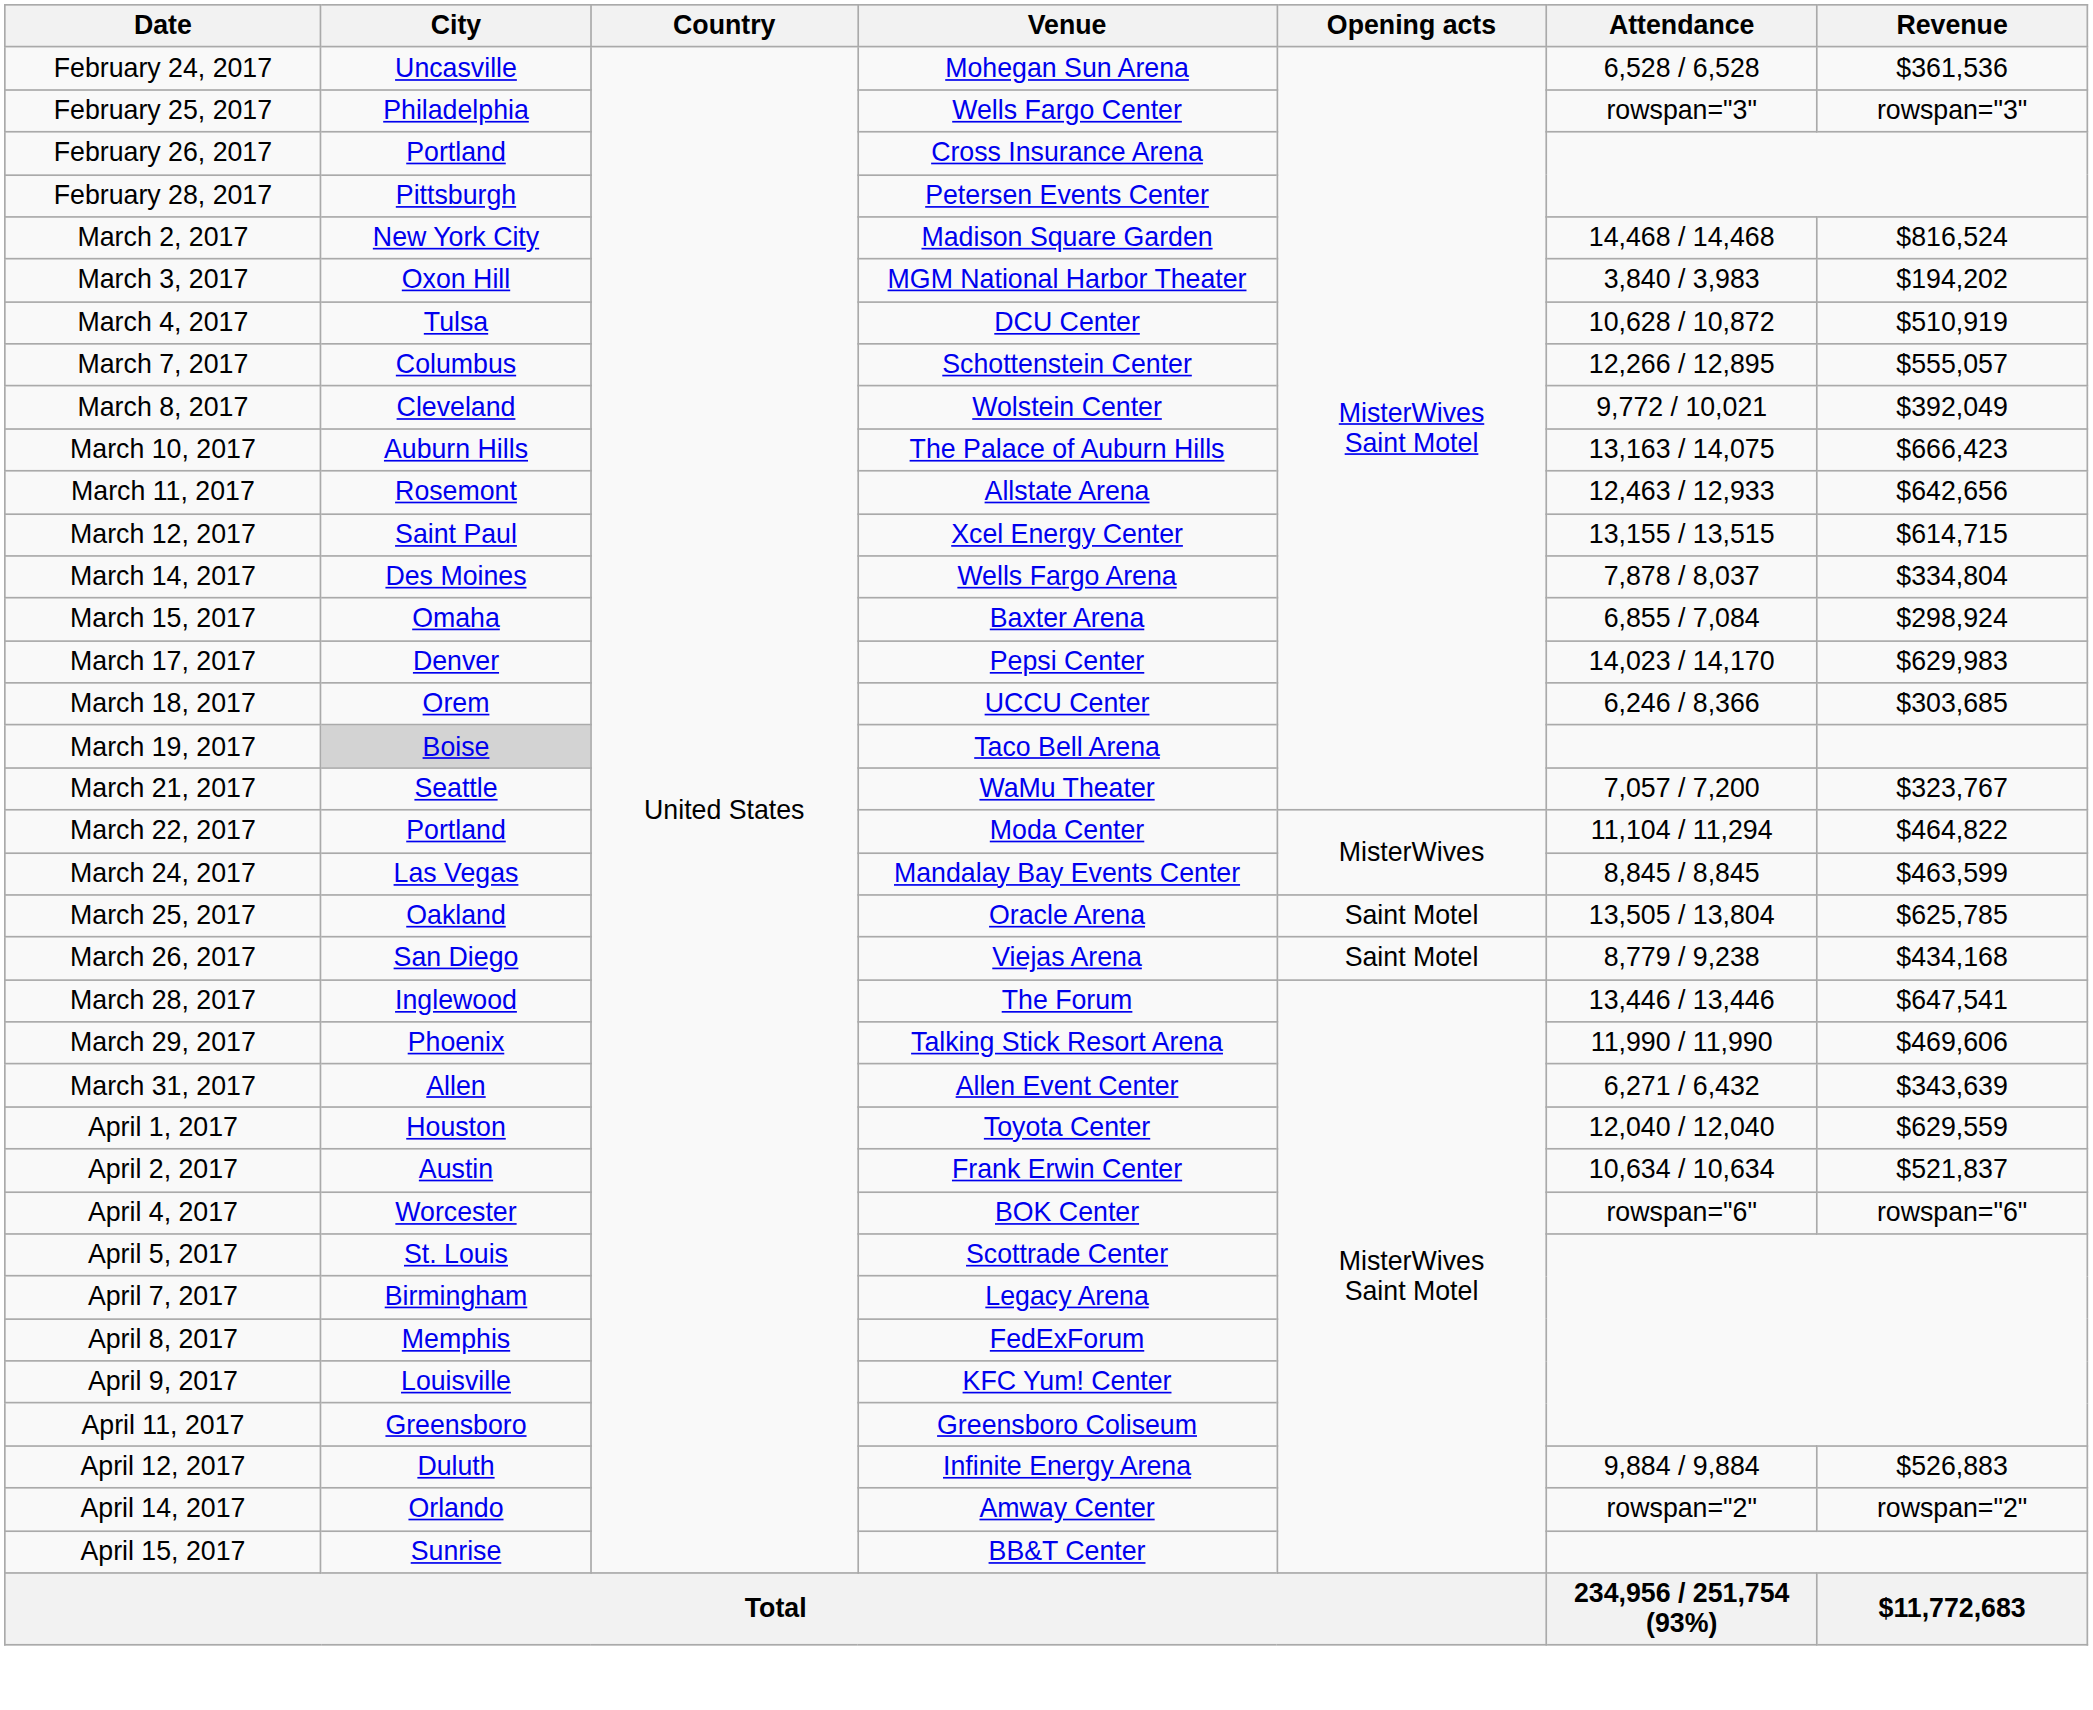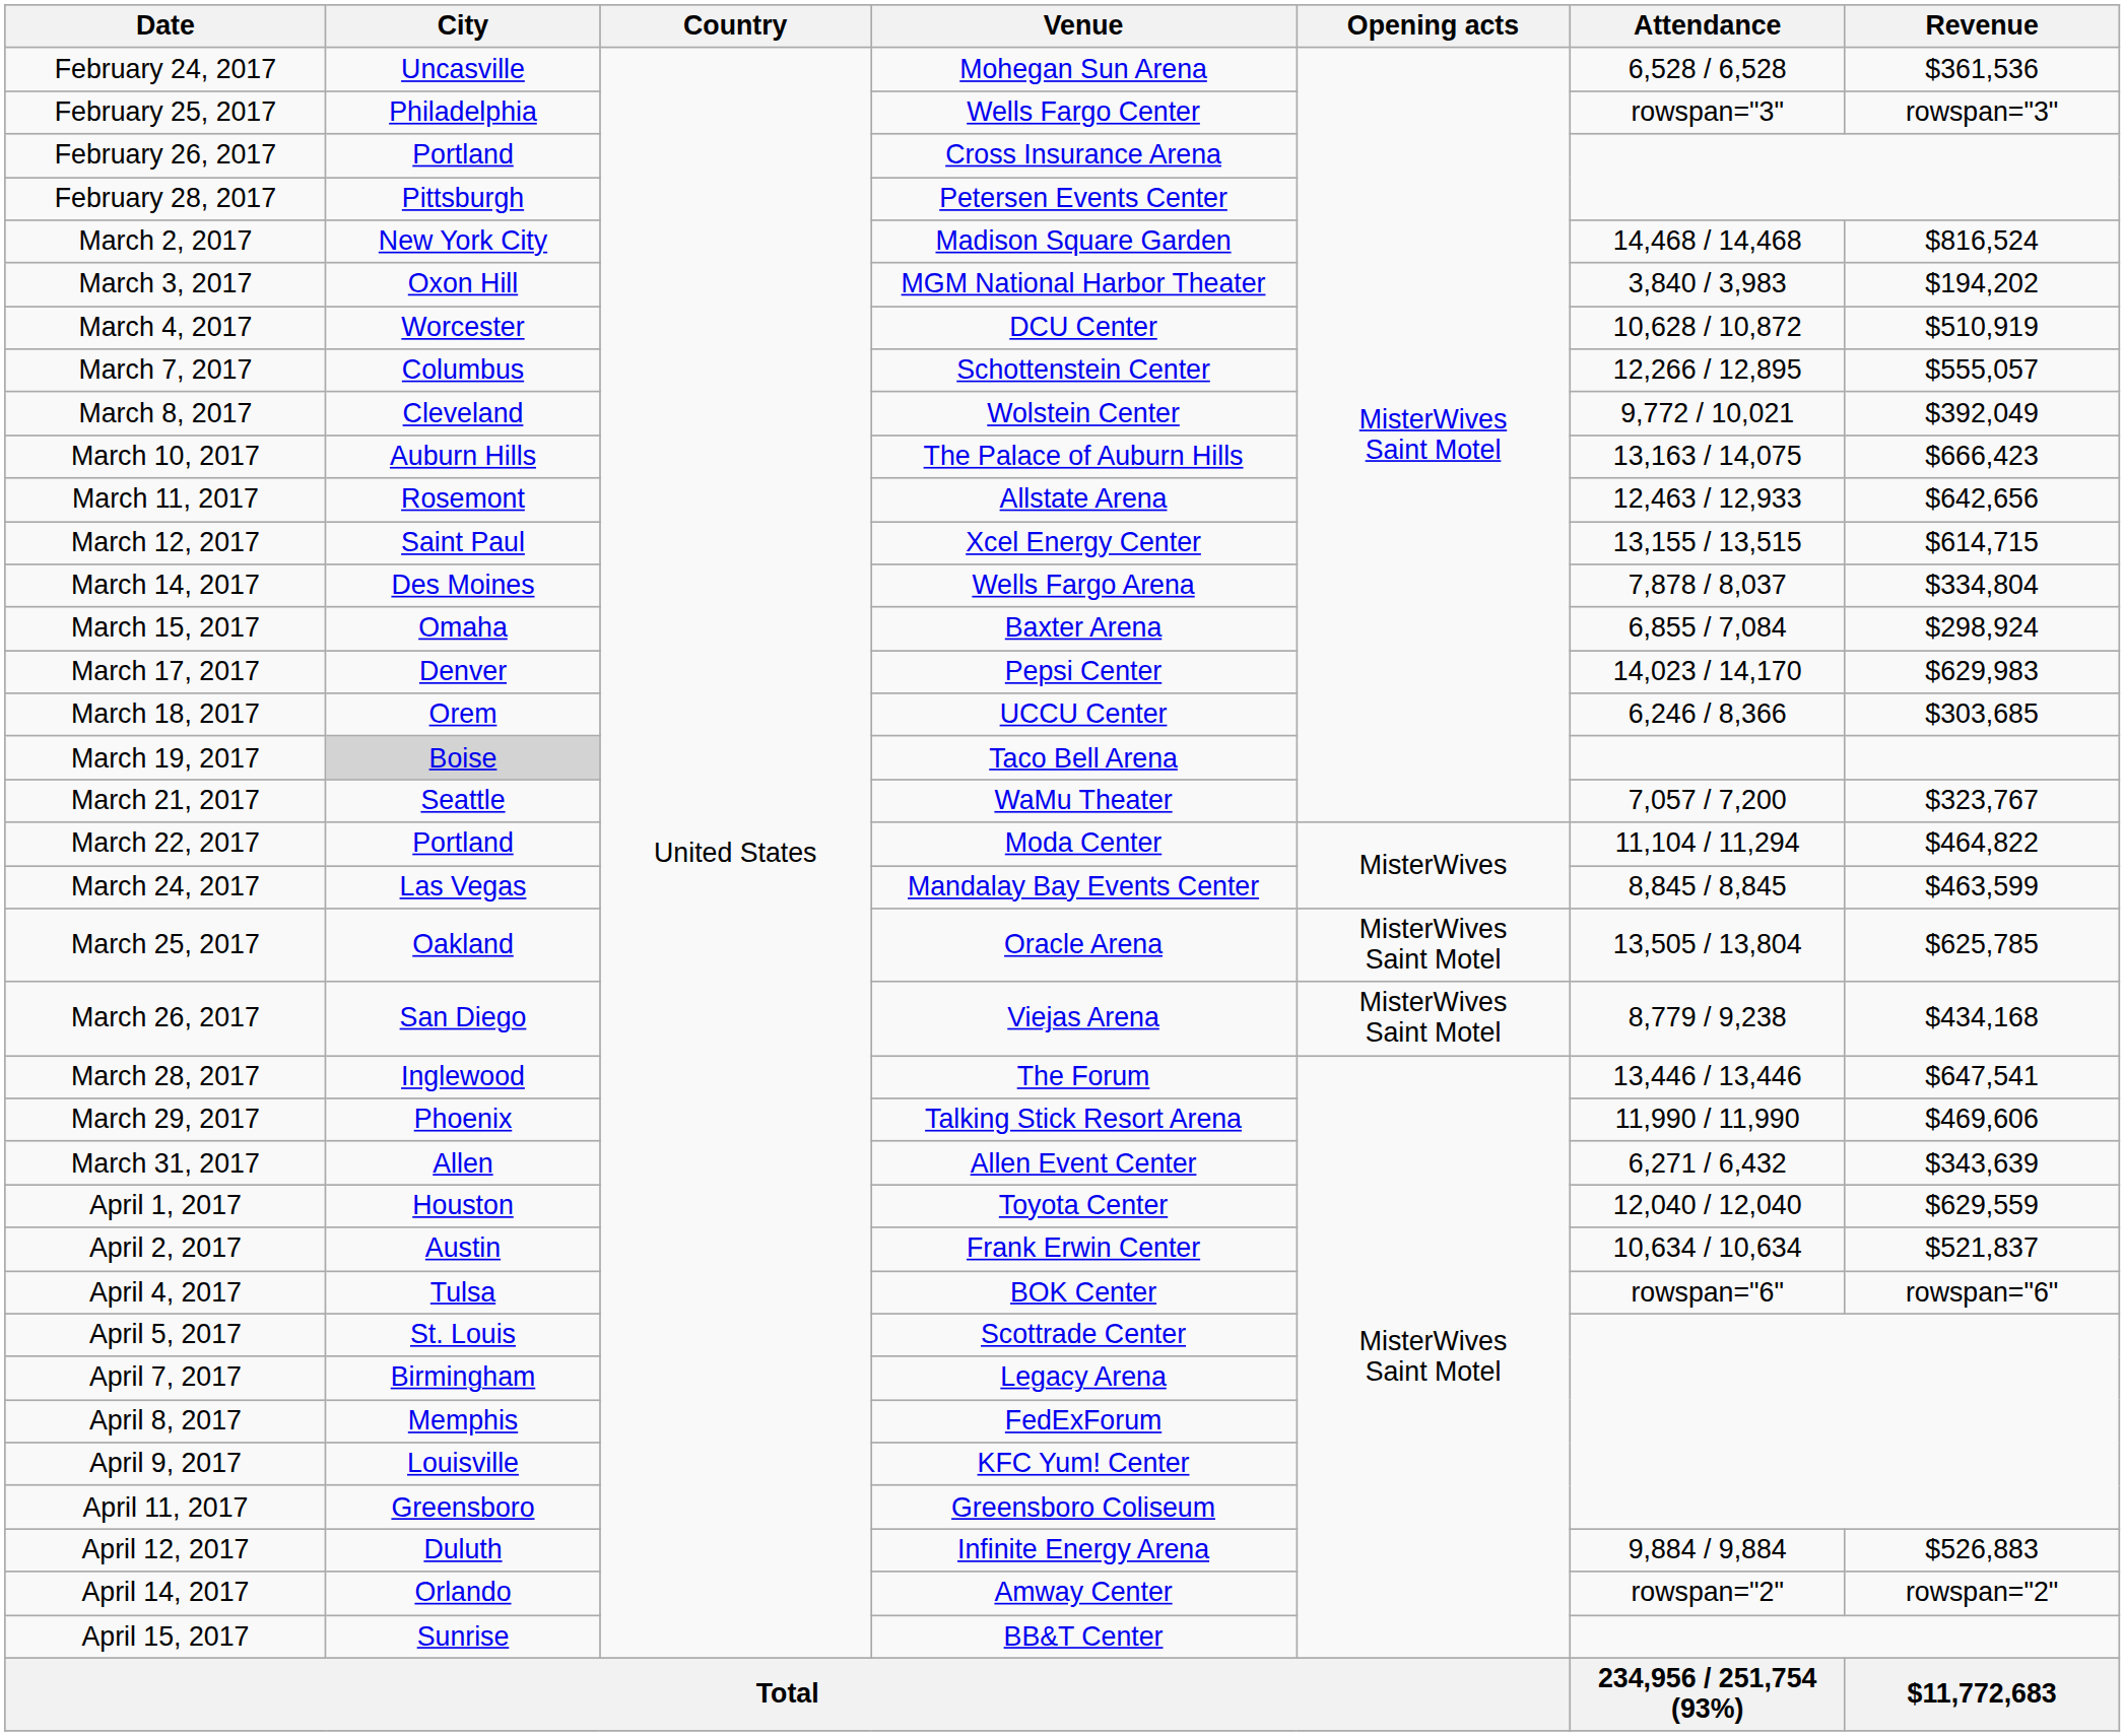 <table class="wikitable" style="text-align:center;">
 <tr>
 <th scope="col" style="width:12em;">Date</th>
 <th scope="col" style="width:10em;">City</th>
 <th scope="col" style="width:10em;">Country</th>
 <th scope="col" style="width:16em;">Venue</th>
 <th scope="col" style="width:10em;">Opening acts</th>
 <th scope="col" style="width:10em;">Attendance</th>
 <th scope="col" style="width:10em;">Revenue</th>
 </tr>
 <tr>
 <td>February 24, 2017</td>
 <td><a href='#'>Uncasville</a></td>
 <td rowspan="36">United States</td>
 <td><a href='#'>Mohegan Sun Arena</a></td>
 <td rowspan="18"><a href='#'>MisterWives</a><br><a href='#'>Saint Motel</a></td>
 <td>6,528 / 6,528</td>
 <td>$361,536</td>
 </tr>
 <tr>
 <td>February 25, 2017</td>
 <td><a href='#'>Philadelphia</a></td>
 <td><a href='#'>Wells Fargo Center</a></td>
 <td>rowspan="3" </td>
 <td>rowspan="3" </td>
 </tr>
 <tr>
 <td>February 26, 2017</td>
 <td><a href='#'>Portland</a></td>
 <td><a href='#'>Cross Insurance Arena</a></td>
 </tr>
 <tr>
 <td>February 28, 2017</td>
 <td><a href='#'>Pittsburgh</a></td>
 <td><a href='#'>Petersen Events Center</a></td>
 </tr>
 <tr>
 <td>March 2, 2017</td>
 <td><a href='#'>New York City</a></td>
 <td><a href='#'>Madison Square Garden</a></td>
 <td>14,468 / 14,468</td>
 <td>$816,524</td>
 </tr>
 <tr>
 <td>March 3, 2017</td>
 <td><a href='#'>Oxon Hill</a></td>
 <td><a href='#'>MGM National Harbor Theater</a></td>
 <td>3,840 / 3,983</td>
 <td>$194,202</td>
 </tr>
 <tr>
 <td>March 4, 2017</td>
-<td><a href='#'>Tulsa</a></td>
+<td><a href='#'>Worcester</a></td>
 <td><a href='#'>DCU Center</a></td>
 <td>10,628 / 10,872</td>
 <td>$510,919</td>
 </tr>
 <tr>
 <td>March 7, 2017</td>
 <td><a href='#'>Columbus</a></td>
 <td><a href='#'>Schottenstein Center</a></td>
 <td>12,266 / 12,895</td>
 <td>$555,057</td>
 </tr>
 <tr>
 <td>March 8, 2017</td>
 <td><a href='#'>Cleveland</a></td>
 <td><a href='#'>Wolstein Center</a></td>
 <td>9,772 / 10,021</td>
 <td>$392,049</td>
 </tr>
 <tr>
 <td>March 10, 2017</td>
 <td><a href='#'>Auburn Hills</a></td>
 <td><a href='#'>The Palace of Auburn Hills</a></td>
 <td>13,163 / 14,075</td>
 <td>$666,423</td>
 </tr>
 <tr>
 <td>March 11, 2017</td>
 <td><a href='#'>Rosemont</a></td>
 <td><a href='#'>Allstate Arena</a></td>
 <td>12,463 / 12,933</td>
 <td>$642,656</td>
 </tr>
 <tr>
 <td>March 12, 2017</td>
 <td><a href='#'>Saint Paul</a></td>
 <td><a href='#'>Xcel Energy Center</a></td>
 <td>13,155 / 13,515</td>
 <td>$614,715</td>
 </tr>
 <tr>
 <td>March 14, 2017</td>
 <td><a href='#'>Des Moines</a></td>
 <td><a href='#'>Wells Fargo Arena</a></td>
 <td>7,878 / 8,037</td>
 <td>$334,804</td>
 </tr>
 <tr>
 <td>March 15, 2017</td>
 <td><a href='#'>Omaha</a></td>
 <td><a href='#'>Baxter Arena</a></td>
 <td>6,855 / 7,084</td>
 <td>$298,924</td>
 </tr>
 <tr>
 <td>March 17, 2017</td>
 <td><a href='#'>Denver</a></td>
 <td><a href='#'>Pepsi Center</a></td>
 <td>14,023 / 14,170</td>
 <td>$629,983</td>
 </tr>
 <tr>
 <td>March 18, 2017</td>
 <td><a href='#'>Orem</a></td>
 <td><a href='#'>UCCU Center</a></td>
 <td>6,246 / 8,366</td>
 <td>$303,685</td>
 </tr>
 <tr>
 <td>March 19, 2017</td>
 <td style="background: lightgrey;"><a href='#'>Boise</a></td>
 <td><a href='#'>Taco Bell Arena</a></td>
 <td></td>
 <td></td>
 </tr>
 <tr>
 <td>March 21, 2017</td>
 <td><a href='#'>Seattle</a></td>
 <td><a href='#'>WaMu Theater</a></td>
 <td>7,057 / 7,200</td>
 <td>$323,767</td>
 </tr>
 <tr>
 <td>March 22, 2017</td>
 <td><a href='#'>Portland</a></td>
 <td><a href='#'>Moda Center</a></td>
 <td rowspan="2">MisterWives</td>
 <td>11,104 / 11,294</td>
 <td>$464,822</td>
 </tr>
 <tr>
 <td>March 24, 2017</td>
 <td><a href='#'>Las Vegas</a></td>
 <td><a href='#'>Mandalay Bay Events Center</a></td>
 <td>8,845 / 8,845</td>
 <td>$463,599</td>
 </tr>
 <tr>
 <td>March 25, 2017</td>
 <td><a href='#'>Oakland</a></td>
 <td><a href='#'>Oracle Arena</a></td>
-<td>Saint Motel</td>
+<td>MisterWives<br>Saint Motel</td>
 <td>13,505 / 13,804</td>
 <td>$625,785</td>
 </tr>
 <tr>
 <td>March 26, 2017</td>
 <td><a href='#'>San Diego</a></td>
 <td><a href='#'>Viejas Arena</a></td>
-<td>Saint Motel</td>
+<td>MisterWives<br>Saint Motel</td>
 <td>8,779 / 9,238</td>
 <td>$434,168</td>
 </tr>
 <tr>
 <td>March 28, 2017</td>
 <td><a href='#'>Inglewood</a></td>
 <td><a href='#'>The Forum</a></td>
 <td rowspan="14">MisterWives<br>Saint Motel</td>
 <td>13,446 / 13,446</td>
 <td>$647,541</td>
 </tr>
 <tr>
 <td>March 29, 2017</td>
 <td><a href='#'>Phoenix</a></td>
 <td><a href='#'>Talking Stick Resort Arena</a></td>
 <td>11,990 / 11,990</td>
 <td>$469,606</td>
 </tr>
 <tr>
 <td>March 31, 2017</td>
 <td><a href='#'>Allen</a></td>
 <td><a href='#'>Allen Event Center</a></td>
 <td>6,271 / 6,432</td>
 <td>$343,639</td>
 </tr>
 <tr>
 <td>April 1, 2017</td>
 <td><a href='#'>Houston</a></td>
 <td><a href='#'>Toyota Center</a></td>
 <td>12,040 / 12,040</td>
 <td>$629,559</td>
 </tr>
 <tr>
 <td>April 2, 2017</td>
 <td><a href='#'>Austin</a></td>
 <td><a href='#'>Frank Erwin Center</a></td>
 <td>10,634 / 10,634</td>
 <td>$521,837</td>
 </tr>
 <tr>
 <td>April 4, 2017</td>
-<td><a href='#'>Worcester</a></td>
+<td><a href='#'>Tulsa</a></td>
 <td><a href='#'>BOK Center</a></td>
 <td>rowspan="6" </td>
 <td>rowspan="6" </td>
 </tr>
 <tr>
 <td>April 5, 2017</td>
 <td><a href='#'>St. Louis</a></td>
 <td><a href='#'>Scottrade Center</a></td>
 </tr>
 <tr>
 <td>April 7, 2017</td>
 <td><a href='#'>Birmingham</a></td>
 <td><a href='#'>Legacy Arena</a></td>
 </tr>
 <tr>
 <td>April 8, 2017</td>
 <td><a href='#'>Memphis</a></td>
 <td><a href='#'>FedExForum</a></td>
 </tr>
 <tr>
 <td>April 9, 2017</td>
 <td><a href='#'>Louisville</a></td>
 <td><a href='#'>KFC Yum! Center</a></td>
 </tr>
 <tr>
 <td>April 11, 2017</td>
 <td><a href='#'>Greensboro</a></td>
 <td><a href='#'>Greensboro Coliseum</a></td>
 </tr>
 <tr>
 <td>April 12, 2017</td>
 <td><a href='#'>Duluth</a></td>
 <td><a href='#'>Infinite Energy Arena</a></td>
 <td>9,884 / 9,884</td>
 <td>$526,883</td>
 </tr>
 <tr>
 <td>April 14, 2017</td>
 <td><a href='#'>Orlando</a></td>
 <td><a href='#'>Amway Center</a></td>
 <td>rowspan="2" </td>
 <td>rowspan="2" </td>
 </tr>
 <tr>
 <td>April 15, 2017</td>
 <td><a href='#'>Sunrise</a></td>
 <td><a href='#'>BB&T Center</a></td>
 </tr>
 <tr>
 <th colspan="5">Total</th>
 <th>234,956 / 251,754 (93%)</th>
 <th>$11,772,683</th>
 </tr>
 </table>
